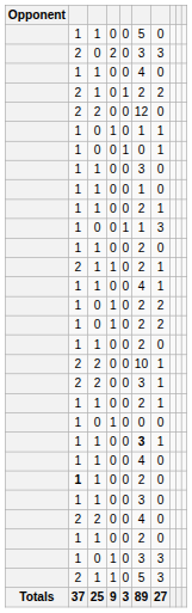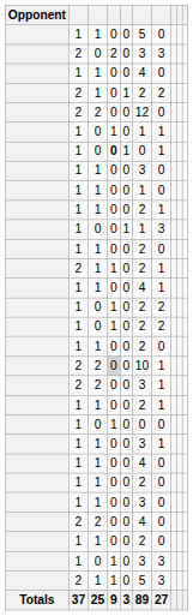 <table class="wikitable plainrowheaders sortable" style="text-align:center">
 <tr>
 <th scope=col>Opponent</th>
 <th scope=col></th>
 <th scope=col></th>
 <th scope=col></th>
 <th scope=col></th>
 <th scope=col></th>
 <th scope=col></th>
 <th scope=col></th>
 <th scope=col></th>
 <th scope=col></th>
 </tr>
 <tr>
 <th scope=row style="text-align:left;"></th>
 <td>1</td>
 <td>1</td>
 <td>0</td>
 <td>0</td>
 <td>5</td>
 <td>0</td>
 <td></td>
 <td></td>
 <td></td>
 </tr>
 <tr>
 <th scope=row style="text-align:left;"></th>
 <td>2</td>
 <td>0</td>
 <td>2</td>
 <td>0</td>
 <td>3</td>
 <td>3</td>
 <td></td>
 <td></td>
 <td></td>
 </tr>
 <tr>
 <th scope=row style="text-align:left;"></th>
 <td>1</td>
 <td>1</td>
 <td>0</td>
 <td>0</td>
 <td>4</td>
 <td>0</td>
 <td></td>
 <td></td>
 <td></td>
 </tr>
 <tr>
 <th scope=row style="text-align:left;"></th>
 <td>2</td>
 <td>1</td>
 <td>0</td>
 <td>1</td>
 <td>2</td>
 <td>2</td>
 <td></td>
 <td></td>
 <td></td>
 </tr>
 <tr>
 <th scope=row style="text-align:left;"></th>
 <td>2</td>
 <td>2</td>
 <td>0</td>
 <td>0</td>
 <td>12</td>
 <td>0</td>
 <td></td>
 <td></td>
 <td></td>
 </tr>
 <tr>
 <th scope=row style="text-align:left;"></th>
 <td>1</td>
 <td>0</td>
 <td>1</td>
 <td>0</td>
 <td>1</td>
 <td>1</td>
 <td></td>
 <td></td>
 <td></td>
 </tr>
 <tr>
 <th scope=row style="text-align:left;"></th>
 <td>1</td>
 <td>0</td>
-<td>0</td>
+<td><strong>0</strong></td>
 <td>1</td>
 <td>0</td>
 <td>1</td>
 <td></td>
 <td></td>
 <td></td>
 </tr>
 <tr>
 <th scope=row style="text-align:left;"></th>
 <td>1</td>
 <td>1</td>
 <td>0</td>
 <td>0</td>
 <td>3</td>
 <td>0</td>
 <td></td>
 <td></td>
 <td></td>
 </tr>
 <tr>
 <th scope=row style="text-align:left;"></th>
 <td>1</td>
 <td>1</td>
 <td>0</td>
 <td>0</td>
 <td>1</td>
 <td>0</td>
 <td></td>
 <td></td>
 <td></td>
 </tr>
 <tr>
 <th scope=row style="text-align:left;"></th>
 <td>1</td>
 <td>1</td>
 <td>0</td>
 <td>0</td>
 <td>2</td>
 <td>1</td>
 <td></td>
 <td></td>
 <td></td>
 </tr>
 <tr>
 <th scope=row style="text-align:left;"></th>
 <td>1</td>
 <td>0</td>
 <td>0</td>
 <td>1</td>
 <td>1</td>
 <td>3</td>
 <td></td>
 <td></td>
 <td></td>
 </tr>
 <tr>
 <th scope=row style="text-align:left;"></th>
 <td>1</td>
 <td>1</td>
 <td>0</td>
 <td>0</td>
 <td>2</td>
 <td>0</td>
 <td></td>
 <td></td>
 <td></td>
 </tr>
 <tr>
 <th scope=row style="text-align:left;"></th>
 <td>2</td>
 <td>1</td>
 <td>1</td>
 <td>0</td>
 <td>2</td>
 <td>1</td>
 <td></td>
 <td></td>
 <td></td>
 </tr>
 <tr>
 <th scope=row style="text-align:left;"></th>
 <td>1</td>
 <td>1</td>
 <td>0</td>
 <td>0</td>
 <td>4</td>
 <td>1</td>
 <td></td>
 <td></td>
 <td></td>
 </tr>
 <tr>
 <th scope=row style="text-align:left;"></th>
 <td>1</td>
 <td>0</td>
 <td>1</td>
 <td>0</td>
 <td>2</td>
 <td>2</td>
 <td></td>
 <td></td>
 <td></td>
 </tr>
 <tr>
 <th scope=row style="text-align:left;"></th>
 <td>1</td>
 <td>0</td>
 <td>1</td>
 <td>0</td>
 <td>2</td>
 <td>2</td>
 <td></td>
 <td></td>
 <td></td>
 </tr>
 <tr>
 <th scope=row style="text-align:left;"></th>
 <td>1</td>
 <td>1</td>
 <td>0</td>
 <td>0</td>
 <td>2</td>
 <td>0</td>
 <td></td>
 <td></td>
 <td></td>
 </tr>
 <tr>
 <th scope=row style="text-align:left;"></th>
 <td>2</td>
 <td>2</td>
-<td>0</td>
+<td style="background: lightgrey;">0</td>
 <td>0</td>
 <td>10</td>
 <td>1</td>
 <td></td>
 <td></td>
 <td></td>
 </tr>
 <tr>
 <th scope=row style="text-align:left;"></th>
 <td>2</td>
 <td>2</td>
 <td>0</td>
 <td>0</td>
 <td>3</td>
 <td>1</td>
 <td></td>
 <td></td>
 <td></td>
 </tr>
 <tr>
 <th scope=row style="text-align:left;"></th>
 <td>1</td>
 <td>1</td>
 <td>0</td>
 <td>0</td>
 <td>2</td>
 <td>1</td>
 <td></td>
 <td></td>
 <td></td>
 </tr>
 <tr>
 <th scope=row style="text-align:left;"></th>
 <td>1</td>
 <td>0</td>
 <td>1</td>
 <td>0</td>
 <td>0</td>
 <td>0</td>
 <td></td>
 <td></td>
 <td></td>
 </tr>
 <tr>
 <th scope=row style="text-align:left;"></th>
 <td>1</td>
 <td>1</td>
 <td>0</td>
 <td>0</td>
-<td><strong>3</strong></td>
+<td>3</td>
 <td>1</td>
 <td></td>
 <td></td>
 <td></td>
 </tr>
 <tr>
 <th scope=row style="text-align:left;"></th>
 <td>1</td>
 <td>1</td>
 <td>0</td>
 <td>0</td>
 <td>4</td>
 <td>0</td>
 <td></td>
 <td></td>
 <td></td>
 </tr>
 <tr>
 <th scope=row style="text-align:left;"></th>
-<td><strong>1</strong></td>
+<td>1</td>
 <td>1</td>
 <td>0</td>
 <td>0</td>
 <td>2</td>
 <td>0</td>
 <td></td>
 <td></td>
 <td></td>
 </tr>
 <tr>
 <th scope=row style="text-align:left;"></th>
 <td>1</td>
 <td>1</td>
 <td>0</td>
 <td>0</td>
 <td>3</td>
 <td>0</td>
 <td></td>
 <td></td>
 <td></td>
 </tr>
 <tr>
 <th scope=row style="text-align:left;"></th>
 <td>2</td>
 <td>2</td>
 <td>0</td>
 <td>0</td>
 <td>4</td>
 <td>0</td>
 <td></td>
 <td></td>
 <td></td>
 </tr>
 <tr>
 <th scope=row style="text-align:left;"></th>
 <td>1</td>
 <td>1</td>
 <td>0</td>
 <td>0</td>
 <td>2</td>
 <td>0</td>
 <td></td>
 <td></td>
 <td></td>
 </tr>
 <tr>
 <th scope=row style="text-align:left;"></th>
 <td>1</td>
 <td>0</td>
 <td>1</td>
 <td>0</td>
 <td>3</td>
 <td>3</td>
 <td></td>
 <td></td>
 <td></td>
 </tr>
 <tr>
 <th scope=row style="text-align:left;"></th>
 <td>2</td>
 <td>1</td>
 <td>1</td>
 <td>0</td>
 <td>5</td>
 <td>3</td>
 <td></td>
 <td></td>
 <td></td>
 </tr>
 <tr class="sortbottom">
 <th>Totals</th>
 <th>37</th>
 <th>25</th>
 <th>9</th>
 <th>3</th>
 <th>89</th>
 <th>27</th>
 <th></th>
 <th></th>
 <th></th>
 </tr>
 </table>
